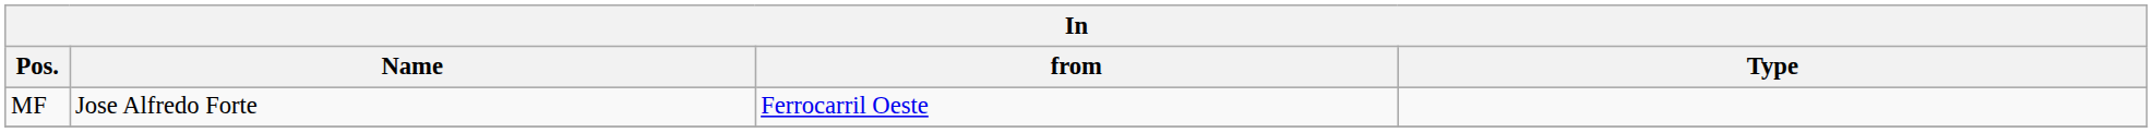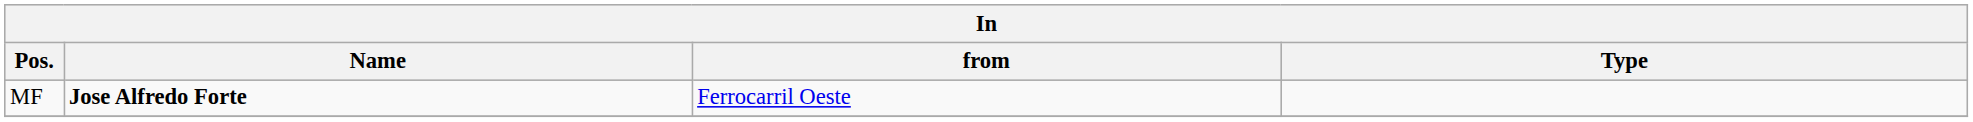 <table class="wikitable" style="font-size:90%;width:99%;">
 <tr>
 <th colspan="4">In</th>
 </tr>
 <tr>
 <th width=3%>Pos.</th>
 <th width=32%>Name</th>
 <th width=30%>from</th>
 <th width=35%>Type</th>
 </tr>
 <tr>
 <td>MF</td>
-<td>Jose Alfredo Forte</td>
+<td><strong>Jose Alfredo Forte</strong></td>
 <td><a href='#'>Ferrocarril Oeste</a></td>
 <td></td>
 </tr>
 <tr>
 </tr>
 </table>
